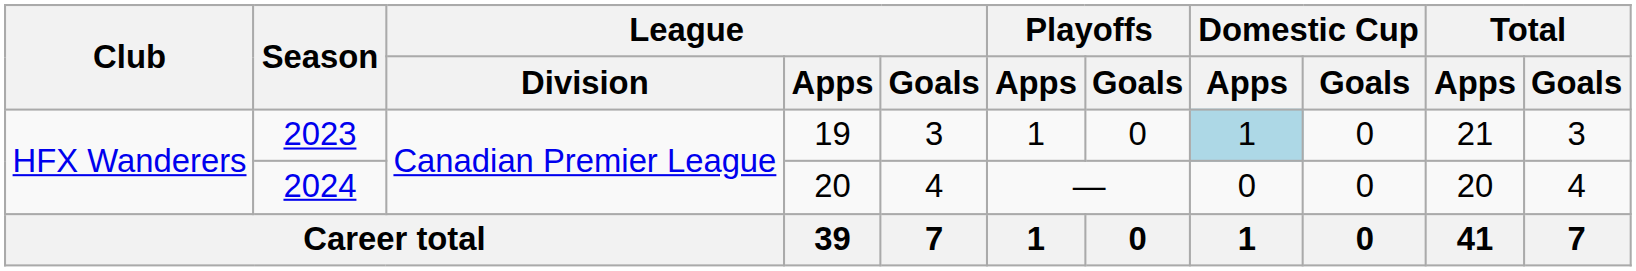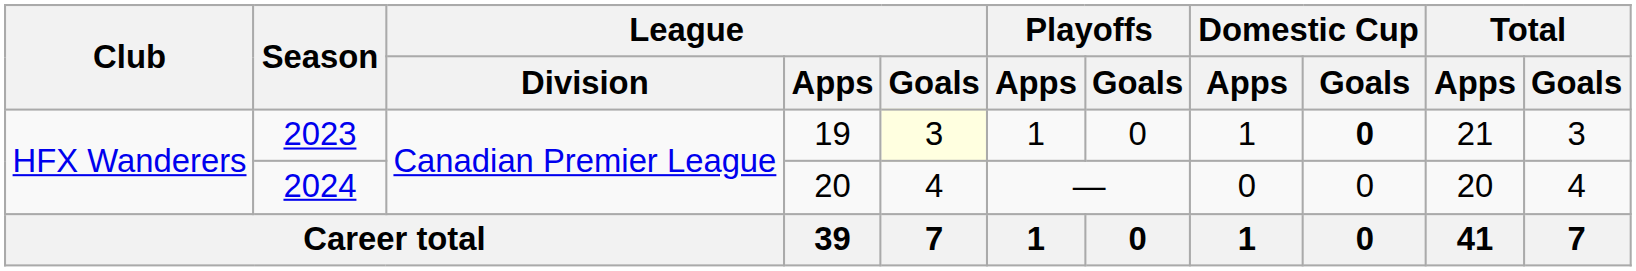 <table class="wikitable" style="text-align: center">
 <tr>
 <th rowspan="2">Club</th>
 <th rowspan="2">Season</th>
 <th colspan="3">League</th>
 <th colspan="2">Playoffs</th>
 <th colspan="2">Domestic Cup</th>
 <th colspan="2">Total</th>
 </tr>
 <tr>
 <th>Division</th>
 <th>Apps</th>
 <th>Goals</th>
 <th>Apps</th>
 <th>Goals</th>
 <th>Apps</th>
 <th>Goals</th>
 <th>Apps</th>
 <th>Goals</th>
 </tr>
 <tr>
 <td rowspan="2"><a href='#'>HFX Wanderers</a></td>
 <td><a href='#'>2023</a></td>
 <td rowspan="2"><a href='#'>Canadian Premier League</a></td>
 <td>19</td>
-<td>3</td>
+<td style="background: lightyellow;">3</td>
 <td>1</td>
 <td>0</td>
-<td style="background: lightblue;">1</td>
-<td>0</td>
+<td>1</td>
+<td><strong>0</strong></td>
 <td>21</td>
 <td>3</td>
 </tr>
 <tr>
 <td><a href='#'>2024</a></td>
 <td>20</td>
 <td>4</td>
 <td colspan="2">—</td>
 <td>0</td>
 <td>0</td>
 <td>20</td>
 <td>4</td>
 </tr>
 <tr>
 <th colspan="3"><strong>Career total</strong></th>
 <th>39</th>
 <th>7</th>
 <th>1</th>
 <th>0</th>
 <th>1</th>
 <th>0</th>
 <th>41</th>
 <th>7</th>
 </tr>
 </table>
